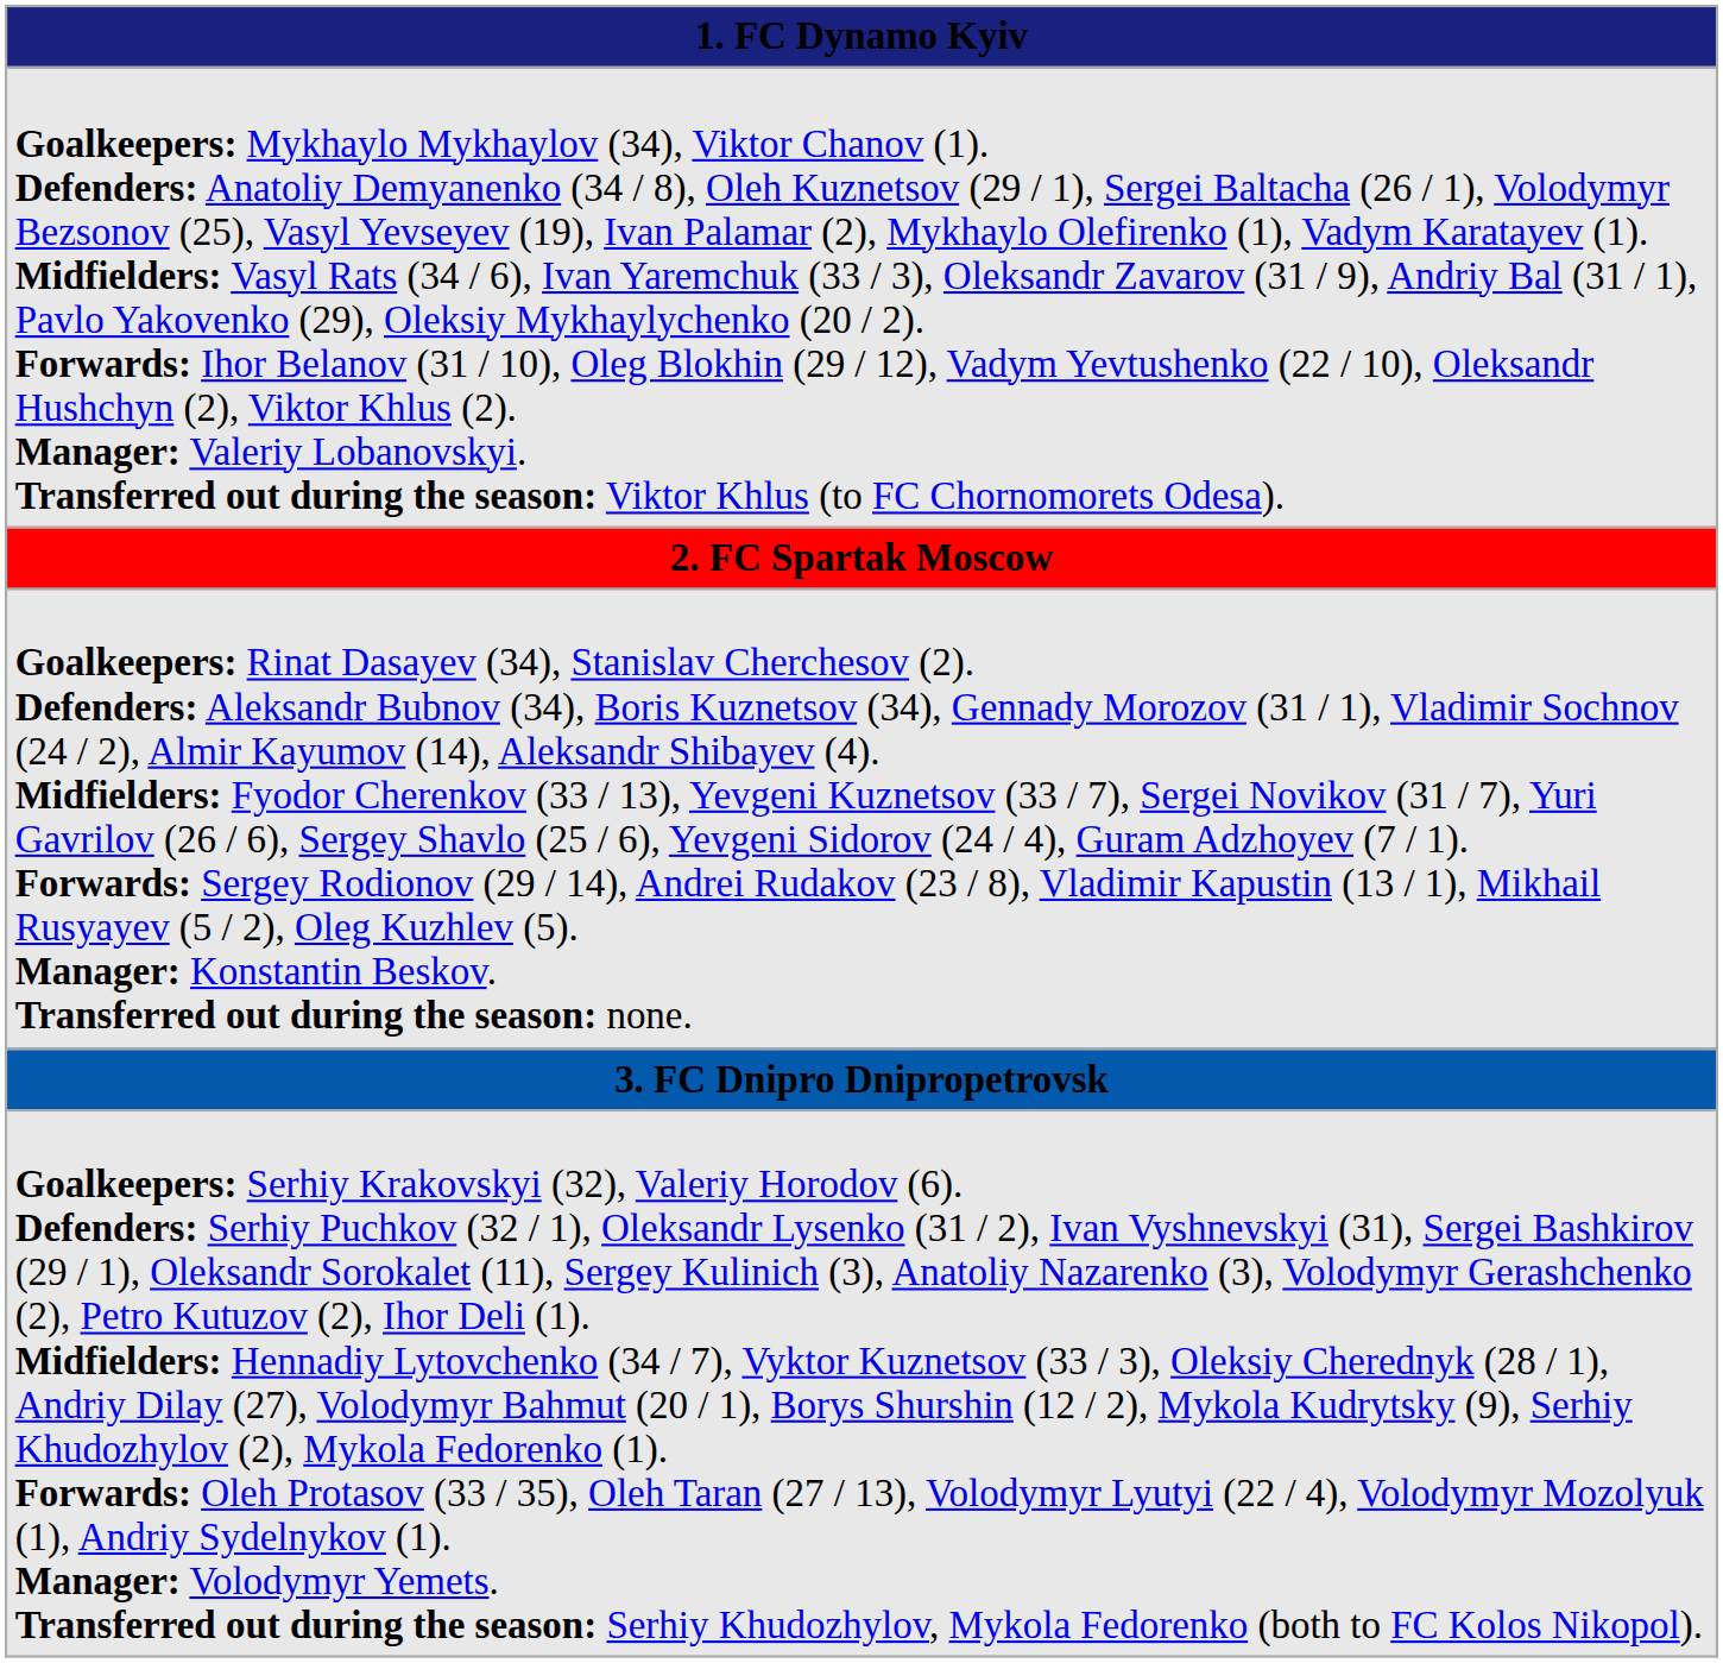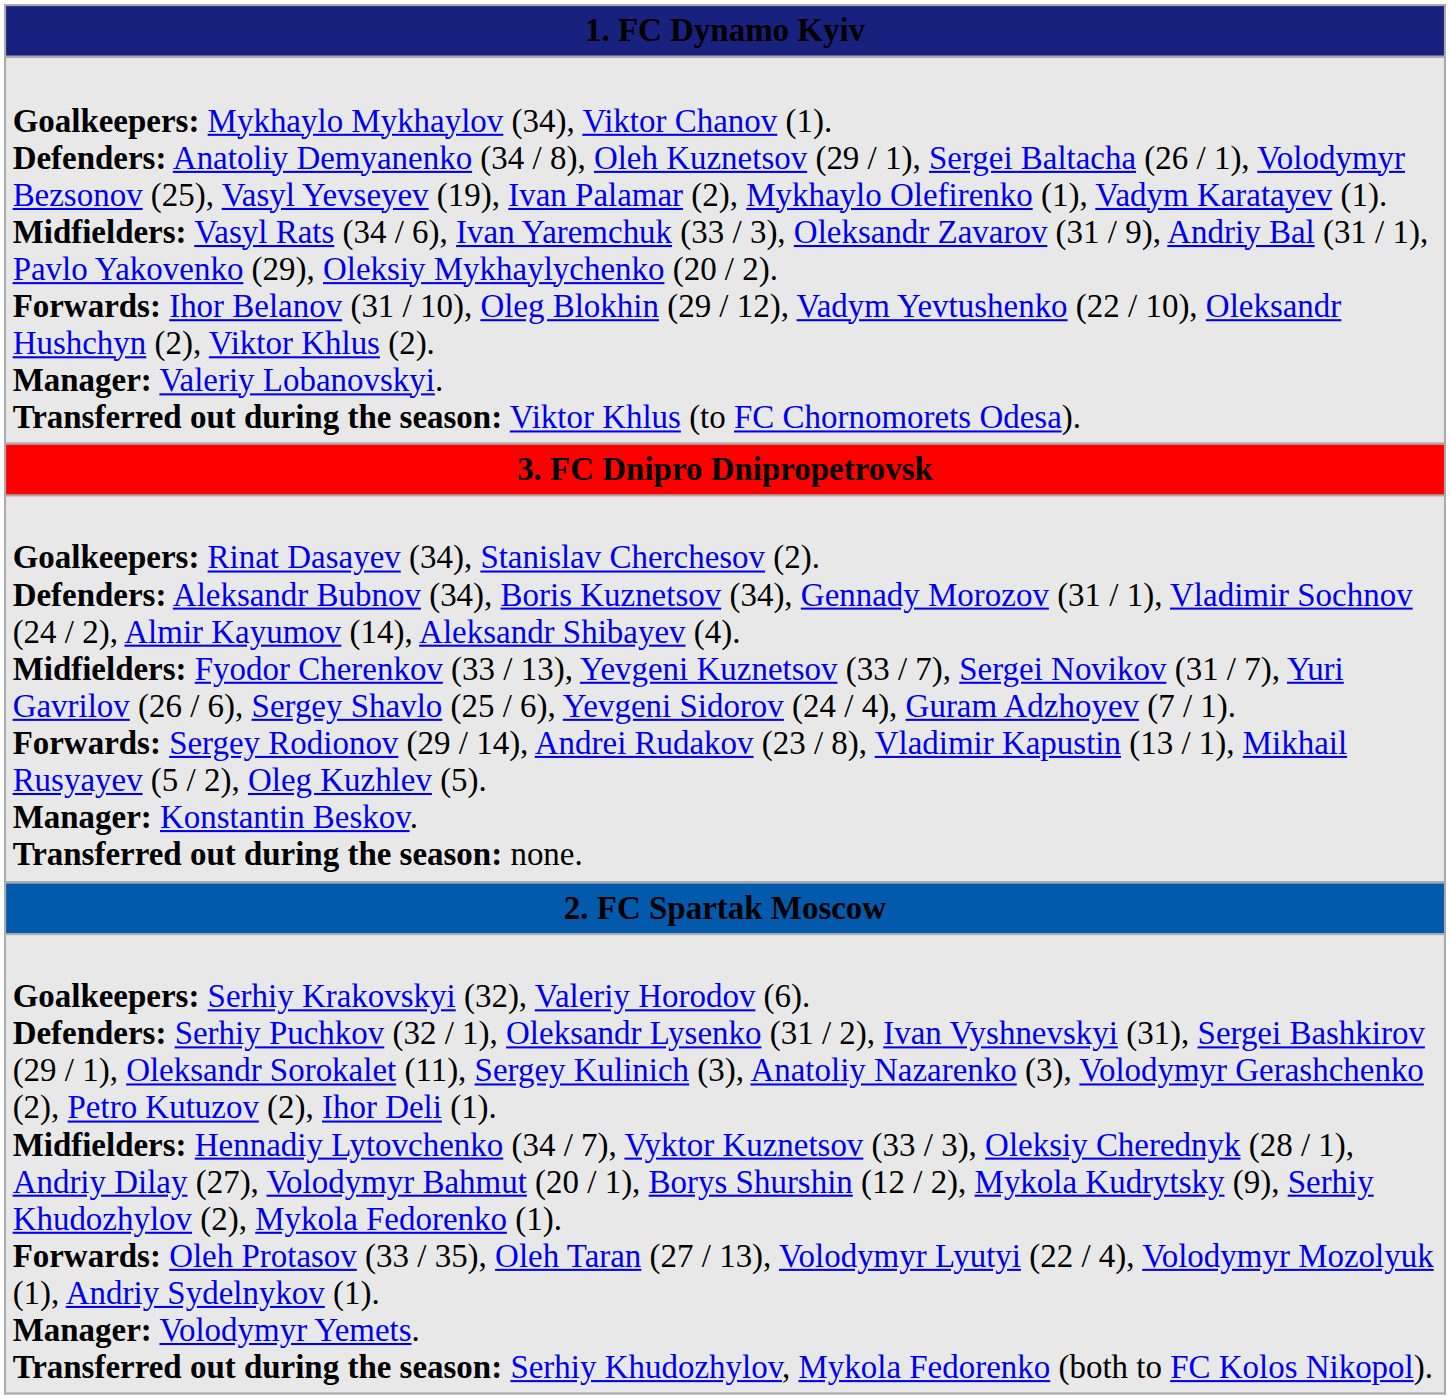 <table class="wikitable" Width="700">
 <tr bgcolor="#19217F">
 <td align="center" width="700"><span> <strong>1. FC Dynamo Kyiv</strong> </span></td>
 </tr>
 <tr bgcolor="#E8E8E8">
 <td align="left" width="700"><br><strong>Goalkeepers:</strong> <a href='#'>Mykhaylo Mykhaylov</a> (34), <a href='#'>Viktor Chanov</a> (1).<br> <strong>Defenders:</strong> <a href='#'>Anatoliy Demyanenko</a> (34 / 8), <a href='#'>Oleh Kuznetsov</a> (29 / 1), <a href='#'>Sergei Baltacha</a> (26 / 1), <a href='#'>Volodymyr Bezsonov</a> (25), <a href='#'>Vasyl Yevseyev</a> (19), <a href='#'>Ivan Palamar</a> (2), <a href='#'>Mykhaylo Olefirenko</a> (1), <a href='#'>Vadym Karatayev</a> (1).<br> <strong>Midfielders:</strong> <a href='#'>Vasyl Rats</a> (34 / 6), <a href='#'>Ivan Yaremchuk</a> (33 / 3), <a href='#'>Oleksandr Zavarov</a> (31 / 9), <a href='#'>Andriy Bal</a> (31 / 1), <a href='#'>Pavlo Yakovenko</a> (29), <a href='#'>Oleksiy Mykhaylychenko</a> (20 / 2).<br> <strong>Forwards:</strong> <a href='#'>Ihor Belanov</a> (31 / 10), <a href='#'>Oleg Blokhin</a> (29 / 12), <a href='#'>Vadym Yevtushenko</a> (22 / 10), <a href='#'>Oleksandr Hushchyn</a> (2), <a href='#'>Viktor Khlus</a> (2).<br><strong>Manager:</strong> <a href='#'>Valeriy Lobanovskyi</a>.<br><strong>Transferred out during the season:</strong> <a href='#'>Viktor Khlus</a> (to <a href='#'>FC Chornomorets Odesa</a>).</td>
 </tr>
 <tr bgcolor="#FF0000">
-<td align="center" width="700"><span> <strong>2. FC Spartak Moscow</strong> </span></td>
+<td align="center" width="700"><span> <strong>3. FC Dnipro Dnipropetrovsk</strong> </span></td>
 </tr>
 <tr bgcolor="#E8E8E8">
 <td align="left" width="700"><br><strong>Goalkeepers:</strong> <a href='#'>Rinat Dasayev</a> (34), <a href='#'>Stanislav Cherchesov</a> (2).<br> <strong>Defenders:</strong> <a href='#'>Aleksandr Bubnov</a> (34), <a href='#'>Boris Kuznetsov</a> (34), <a href='#'>Gennady Morozov</a> (31 / 1), <a href='#'>Vladimir Sochnov</a> (24 / 2), <a href='#'>Almir Kayumov</a> (14), <a href='#'>Aleksandr Shibayev</a> (4).<br> <strong>Midfielders:</strong> <a href='#'>Fyodor Cherenkov</a> (33 / 13), <a href='#'>Yevgeni Kuznetsov</a> (33 / 7), <a href='#'>Sergei Novikov</a> (31 / 7), <a href='#'>Yuri Gavrilov</a> (26 / 6), <a href='#'>Sergey Shavlo</a> (25 / 6), <a href='#'>Yevgeni Sidorov</a> (24 / 4), <a href='#'>Guram Adzhoyev</a> (7 / 1).<br> <strong>Forwards:</strong> <a href='#'>Sergey Rodionov</a> (29 / 14), <a href='#'>Andrei Rudakov</a> (23 / 8), <a href='#'>Vladimir Kapustin</a> (13 / 1), <a href='#'>Mikhail Rusyayev</a> (5 / 2), <a href='#'>Oleg Kuzhlev</a> (5).<br><strong>Manager:</strong> <a href='#'>Konstantin Beskov</a>.<br><strong>Transferred out during the season:</strong> none.</td>
 </tr>
 <tr bgcolor="#0359ac">
-<td align="center" width="700"><span> <strong>3. FC Dnipro Dnipropetrovsk</strong> </span></td>
+<td align="center" width="700"><span> <strong>2. FC Spartak Moscow</strong> </span></td>
 </tr>
 <tr bgcolor="#E8E8E8">
 <td align="left" width="700"><br><strong>Goalkeepers:</strong> <a href='#'>Serhiy Krakovskyi</a> (32), <a href='#'>Valeriy Horodov</a> (6).<br> <strong>Defenders:</strong> <a href='#'>Serhiy Puchkov</a> (32 / 1), <a href='#'>Oleksandr Lysenko</a> (31 / 2), <a href='#'>Ivan Vyshnevskyi</a> (31), <a href='#'>Sergei Bashkirov</a> (29 / 1), <a href='#'>Oleksandr Sorokalet</a> (11), <a href='#'>Sergey Kulinich</a> (3), <a href='#'>Anatoliy Nazarenko</a> (3), <a href='#'>Volodymyr Gerashchenko</a> (2), <a href='#'>Petro Kutuzov</a> (2), <a href='#'>Ihor Deli</a> (1).<br> <strong>Midfielders:</strong> <a href='#'>Hennadiy Lytovchenko</a> (34 / 7), <a href='#'>Vyktor Kuznetsov</a> (33 / 3), <a href='#'>Oleksiy Cherednyk</a> (28 / 1), <a href='#'>Andriy Dilay</a> (27), <a href='#'>Volodymyr Bahmut</a> (20 / 1), <a href='#'>Borys Shurshin</a> (12 / 2), <a href='#'>Mykola Kudrytsky</a> (9), <a href='#'>Serhiy Khudozhylov</a> (2), <a href='#'>Mykola Fedorenko</a> (1).<br> <strong>Forwards:</strong> <a href='#'>Oleh Protasov</a> (33 / 35), <a href='#'>Oleh Taran</a> (27 / 13), <a href='#'>Volodymyr Lyutyi</a> (22 / 4), <a href='#'>Volodymyr Mozolyuk</a> (1), <a href='#'>Andriy Sydelnykov</a> (1).<br><strong>Manager:</strong> <a href='#'>Volodymyr Yemets</a>.<br><strong>Transferred out during the season:</strong> <a href='#'>Serhiy Khudozhylov</a>, <a href='#'>Mykola Fedorenko</a> (both to <a href='#'>FC Kolos Nikopol</a>).</td>
 </tr>
 </table>
